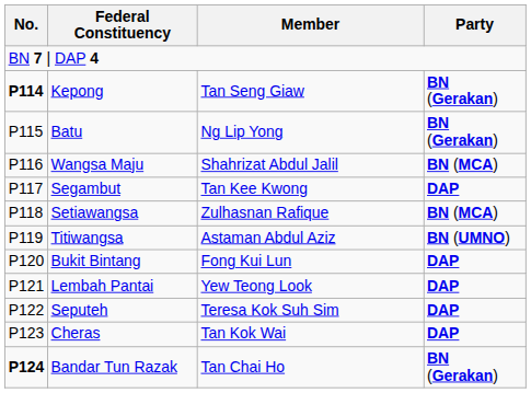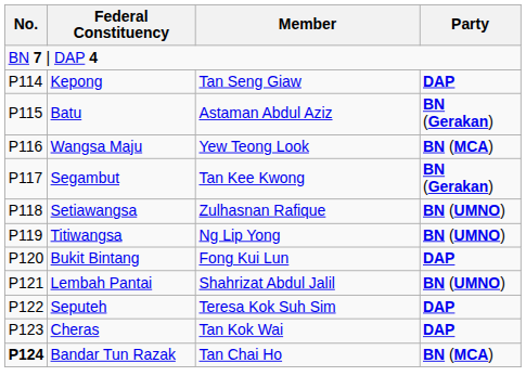 <table class="wikitable sortable">
 <tr>
 <th style="width:30px;">No.</th>
 <th style="width:150px;">Federal Constituency</th>
 <th style="width:230px;">Member</th>
 <th style="width:100px;">Party</th>
 </tr>
 <tr>
 <td colspan="4"><a href='#'>BN</a> <strong>7</strong> | <a href='#'>DAP</a> <strong>4</strong></td>
 </tr>
 <tr>
-<td><strong>P114</strong></td>
+<td>P114</td>
 <td><a href='#'>Kepong</a></td>
 <td><a href='#'>Tan Seng Giaw</a></td>
-<td><strong><a href='#'>BN</a></strong> (<strong><a href='#'>Gerakan</a></strong>)</td>
+<td><strong><a href='#'>DAP</a></strong></td>
 </tr>
 <tr>
 <td>P115</td>
 <td><a href='#'>Batu</a></td>
-<td><a href='#'>Ng Lip Yong</a></td>
+<td><a href='#'>Astaman Abdul Aziz</a></td>
 <td><strong><a href='#'>BN</a></strong> (<strong><a href='#'>Gerakan</a></strong>)</td>
 </tr>
 <tr>
 <td>P116</td>
 <td><a href='#'>Wangsa Maju</a></td>
-<td><a href='#'>Shahrizat Abdul Jalil</a></td>
+<td><a href='#'>Yew Teong Look</a></td>
 <td><strong><a href='#'>BN</a></strong> (<strong><a href='#'>MCA</a></strong>)</td>
 </tr>
 <tr>
 <td>P117</td>
 <td><a href='#'>Segambut</a></td>
 <td><a href='#'>Tan Kee Kwong</a></td>
-<td><strong><a href='#'>DAP</a></strong></td>
+<td><strong><a href='#'>BN</a></strong> (<strong><a href='#'>Gerakan</a></strong>)</td>
 </tr>
 <tr>
 <td>P118</td>
 <td><a href='#'>Setiawangsa</a></td>
 <td><a href='#'>Zulhasnan Rafique</a></td>
-<td><strong><a href='#'>BN</a></strong> (<strong><a href='#'>MCA</a></strong>)</td>
+<td><strong><a href='#'>BN</a></strong> (<strong><a href='#'>UMNO</a></strong>)</td>
 </tr>
 <tr>
 <td>P119</td>
 <td><a href='#'>Titiwangsa</a></td>
-<td><a href='#'>Astaman Abdul Aziz</a></td>
+<td><a href='#'>Ng Lip Yong</a></td>
 <td><strong><a href='#'>BN</a></strong> (<strong><a href='#'>UMNO</a></strong>)</td>
 </tr>
 <tr>
 <td>P120</td>
 <td><a href='#'>Bukit Bintang</a></td>
 <td><a href='#'>Fong Kui Lun</a></td>
 <td><strong><a href='#'>DAP</a></strong></td>
 </tr>
 <tr>
 <td>P121</td>
 <td><a href='#'>Lembah Pantai</a></td>
-<td><a href='#'>Yew Teong Look</a></td>
-<td><strong><a href='#'>DAP</a></strong></td>
+<td><a href='#'>Shahrizat Abdul Jalil</a></td>
+<td><strong><a href='#'>BN</a></strong> (<strong><a href='#'>UMNO</a></strong>)</td>
 </tr>
 <tr>
 <td>P122</td>
 <td><a href='#'>Seputeh</a></td>
 <td><a href='#'>Teresa Kok Suh Sim</a></td>
 <td><strong><a href='#'>DAP</a></strong></td>
 </tr>
 <tr>
 <td>P123</td>
 <td><a href='#'>Cheras</a></td>
 <td><a href='#'>Tan Kok Wai</a></td>
 <td><strong><a href='#'>DAP</a></strong></td>
 </tr>
 <tr>
 <td><strong>P124</strong></td>
 <td><a href='#'>Bandar Tun Razak</a></td>
 <td><a href='#'>Tan Chai Ho</a></td>
-<td><strong><a href='#'>BN</a></strong> (<strong><a href='#'>Gerakan</a></strong>)</td>
+<td><strong><a href='#'>BN</a></strong> (<strong><a href='#'>MCA</a></strong>)</td>
 </tr>
 </table>
